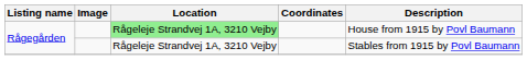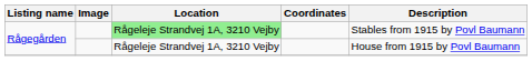 <table class="wikitable sortable">
 <tr>
 <th>Listing name</th>
 <th>Image</th>
 <th>Location</th>
 <th>Coordinates</th>
 <th>Description</th>
 </tr>
 <tr>
 <td rowspan="2"><a href='#'>Rågegården</a></td>
 <td></td>
 <td style="background: lightgreen;">Rågeleje Strandvej 1A, 3210 Vejby</td>
 <td></td>
-<td>House from 1915 by <a href='#'>Povl Baumann</a></td>
+<td>Stables from 1915 by <a href='#'>Povl Baumann</a></td>
 </tr>
 <tr>
 <td></td>
 <td>Rågeleje Strandvej 1A, 3210 Vejby</td>
 <td></td>
-<td>Stables from 1915 by <a href='#'>Povl Baumann</a></td>
+<td>House from 1915 by <a href='#'>Povl Baumann</a></td>
 </tr>
 <tr>
 </tr>
 </table>
